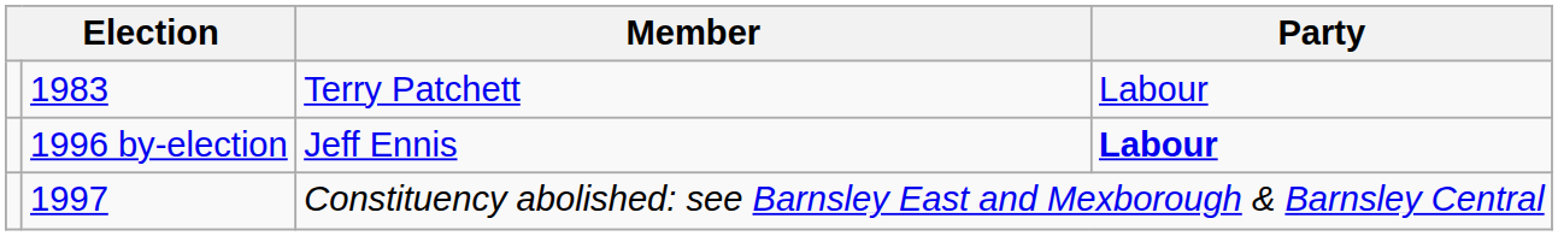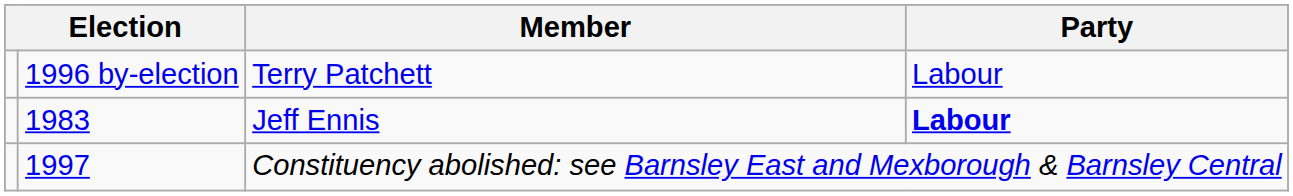 <table class="wikitable">
 <tr>
 <th colspan="2">Election</th>
 <th>Member</th>
 <th>Party</th>
 </tr>
 <tr>
 <td style="color:inherit;background-color: "></td>
-<td><a href='#'>1983</a></td>
+<td><a href='#'>1996 by-election</a></td>
 <td><a href='#'>Terry Patchett</a></td>
 <td><a href='#'>Labour</a></td>
 </tr>
 <tr>
 <td style="color:inherit;background-color: "></td>
-<td><a href='#'>1996 by-election</a></td>
+<td><a href='#'>1983</a></td>
 <td><a href='#'>Jeff Ennis</a></td>
 <td><strong><a href='#'>Labour</a></strong></td>
 </tr>
 <tr>
 <td></td>
 <td><a href='#'>1997</a></td>
 <td colspan="3"><em>Constituency abolished: see <a href='#'>Barnsley East and Mexborough</a> & <a href='#'>Barnsley Central</a></em></td>
 </tr>
 </table>
